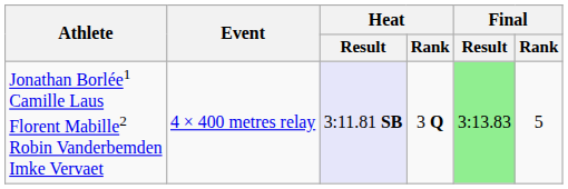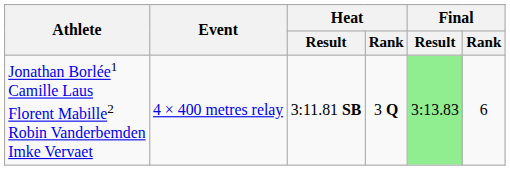 <table class="wikitable" style="font-size:90%">
 <tr>
 <th rowspan="2">Athlete</th>
 <th rowspan="2">Event</th>
 <th colspan="2">Heat</th>
 <th colspan="2">Final</th>
 </tr>
 <tr style="font-size:95%">
 <th>Result</th>
 <th>Rank</th>
 <th>Result</th>
 <th>Rank</th>
 </tr>
 <tr align=center>
 <td align=left><a href='#'>Jonathan Borlée</a><sup>1</sup><br><a href='#'>Camille Laus</a><br><a href='#'>Florent Mabille</a><sup>2</sup><br><a href='#'>Robin Vanderbemden</a><br><a href='#'>Imke Vervaet</a></td>
 <td align=left><a href='#'>4 × 400 metres relay</a></td>
-<td style="background: lavender;">3:11.81 <strong>SB</strong></td>
+<td>3:11.81 <strong>SB</strong></td>
 <td>3 <strong>Q</strong></td>
 <td style="background: lightgreen;">3:13.83</td>
-<td>5</td>
+<td>6</td>
 </tr>
 </table>
